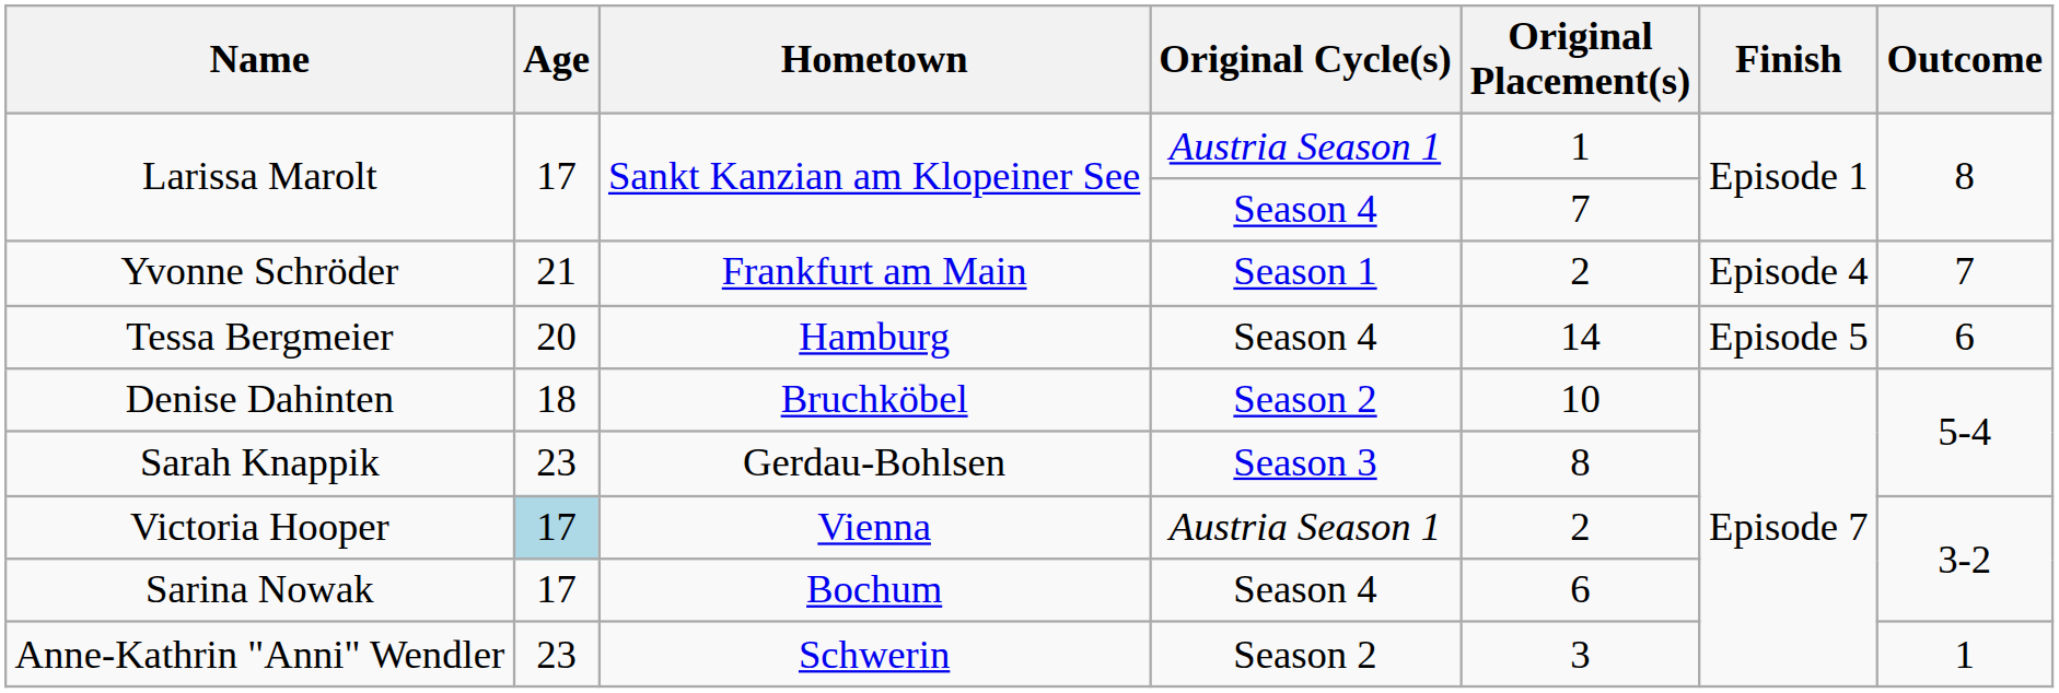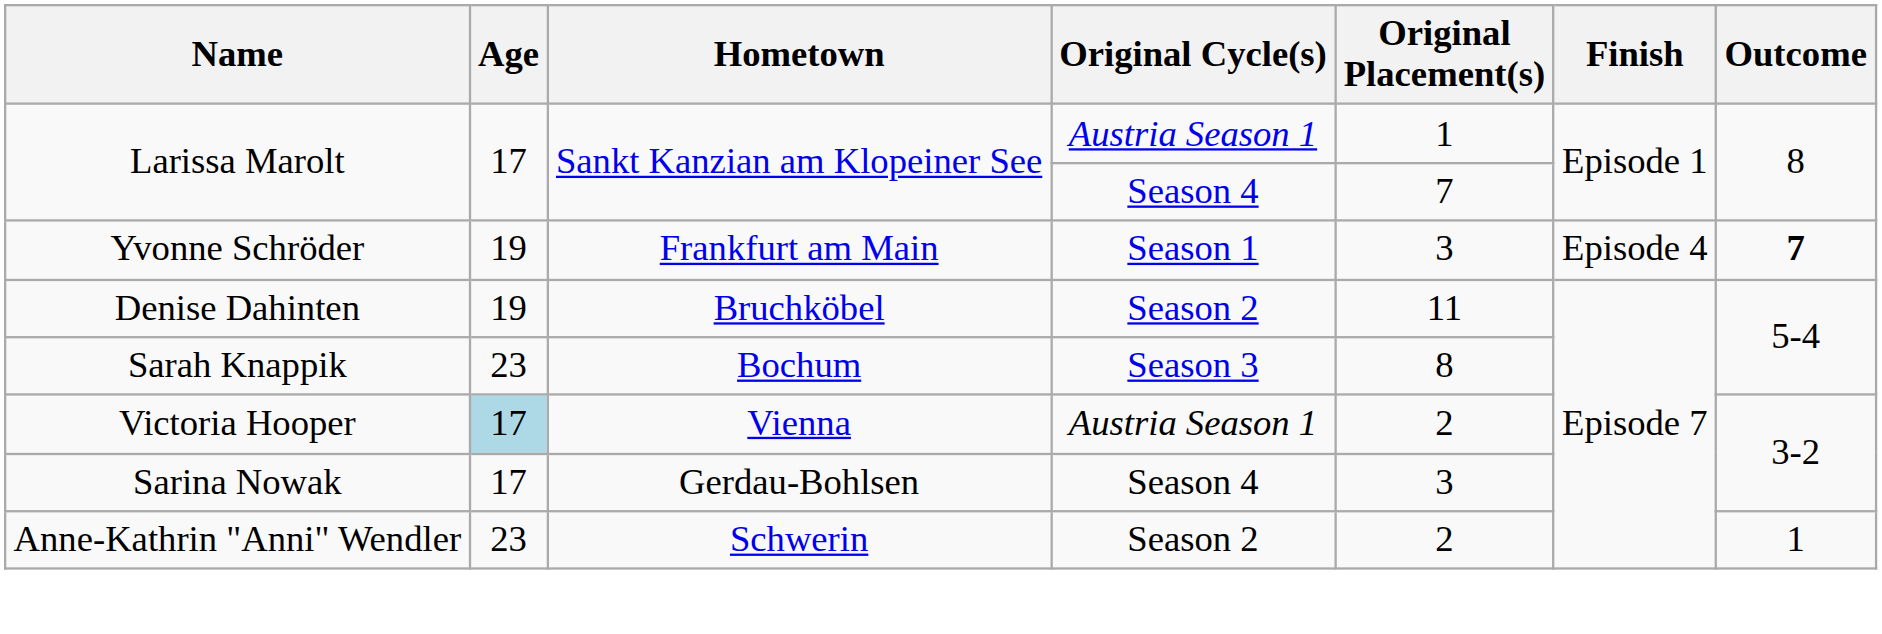 <table class="wikitable sortable" style="text-align:center;">
 <tr>
 <th>Name</th>
 <th>Age</th>
 <th>Hometown</th>
 <th>Original Cycle(s)</th>
 <th>Original<br>Placement(s)</th>
 <th>Finish</th>
 <th>Outcome</th>
 </tr>
 <tr>
 <td rowspan="2"nowrap>Larissa Marolt</td>
 <td rowspan="2">17</td>
 <td rowspan="2"nowrap><a href='#'>Sankt Kanzian am Klopeiner See</a></td>
 <td nowrap><a href='#'><em>Austria Season 1</em></a></td>
 <td>1</td>
 <td rowspan="2">Episode 1</td>
 <td rowspan="2">8</td>
 </tr>
 <tr>
 <td><a href='#'>Season 4</a></td>
 <td>7</td>
 </tr>
 <tr>
 <td>Yvonne Schröder</td>
-<td>21</td>
+<td>19</td>
 <td><a href='#'>Frankfurt am Main</a></td>
 <td><a href='#'>Season 1</a></td>
-<td>2</td>
+<td>3</td>
 <td>Episode 4</td>
-<td>7</td>
-</tr>
-<tr>
-<td>Tessa Bergmeier</td>
-<td>20</td>
-<td><a href='#'>Hamburg</a></td>
-<td>Season 4</td>
-<td>14</td>
-<td>Episode 5</td>
-<td>6</td>
+<td><strong>7</strong></td>
 </tr>
 <tr>
 <td>Denise Dahinten</td>
-<td>18</td>
+<td>19</td>
 <td><a href='#'>Bruchköbel</a></td>
 <td><a href='#'>Season 2</a></td>
-<td>10</td>
+<td>11</td>
 <td rowspan="5">Episode 7</td>
 <td rowspan="2">5-4</td>
 </tr>
 <tr>
 <td>Sarah Knappik</td>
 <td>23</td>
-<td>Gerdau-Bohlsen</td>
+<td><a href='#'>Bochum</a></td>
 <td><a href='#'>Season 3</a></td>
 <td>8</td>
 </tr>
 <tr>
 <td>Victoria Hooper</td>
 <td style="background: lightblue;">17</td>
 <td><a href='#'>Vienna</a></td>
 <td><em>Austria Season 1</em></td>
 <td>2</td>
 <td rowspan="2">3-2</td>
 </tr>
 <tr>
 <td>Sarina Nowak</td>
 <td>17</td>
-<td><a href='#'>Bochum</a></td>
+<td>Gerdau-Bohlsen</td>
 <td>Season 4</td>
-<td>6</td>
+<td>3</td>
 </tr>
 <tr>
 <td>Anne-Kathrin "Anni" Wendler</td>
 <td>23</td>
 <td><a href='#'>Schwerin</a></td>
 <td>Season 2</td>
-<td>3</td>
+<td>2</td>
 <td>1</td>
 </tr>
 </table>
